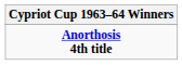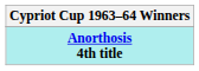 <table class="wikitable" style="text-align:center;margin: 0 auto;">
 <tr>
 <th>Cypriot Cup 1963–64 Winners</th>
 </tr>
 <tr>
 </tr>
 <tr>
-<td><strong><a href='#'>Anorthosis</a></strong><br><strong>4th title</strong></td>
+<td style="background: paleturquoise;"><strong><a href='#'>Anorthosis</a></strong><br><strong>4th title</strong></td>
 </tr>
 </table>
